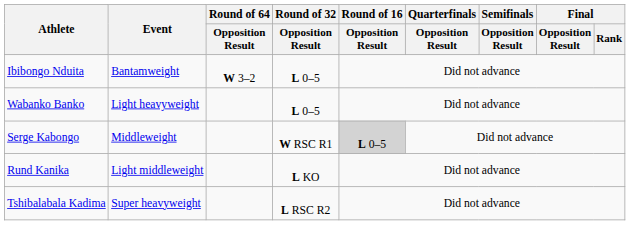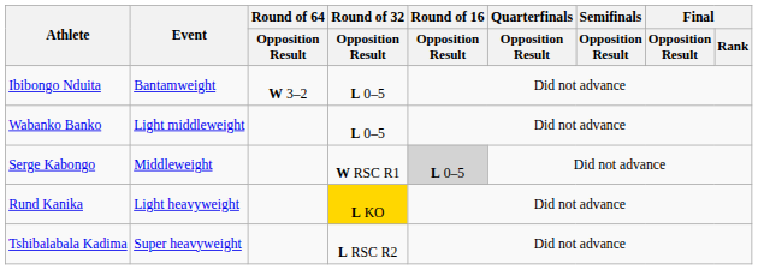 <table class="wikitable" style="font-size:90%">
 <tr>
 <th rowspan="2">Athlete</th>
 <th rowspan="2">Event</th>
 <th>Round of 64</th>
 <th>Round of 32</th>
 <th>Round of 16</th>
 <th>Quarterfinals</th>
 <th>Semifinals</th>
 <th colspan=2>Final</th>
 </tr>
 <tr style="font-size:95%">
 <th>Opposition<br>Result</th>
 <th>Opposition<br>Result</th>
 <th>Opposition<br>Result</th>
 <th>Opposition<br>Result</th>
 <th>Opposition<br>Result</th>
 <th>Opposition<br>Result</th>
 <th>Rank</th>
 </tr>
 <tr align=center>
 <td align=left><a href='#'>Ibibongo Nduita</a></td>
 <td align=left><a href='#'>Bantamweight</a></td>
 <td><br><strong>W</strong> 3–2</td>
 <td><br><strong>L</strong> 0–5</td>
 <td colspan=5>Did not advance</td>
 </tr>
 <tr align=center>
 <td align=left><a href='#'>Wabanko Banko</a></td>
-<td align=left><a href='#'>Light heavyweight</a></td>
+<td align=left><a href='#'>Light middleweight</a></td>
 <td></td>
 <td><br><strong>L</strong> 0–5</td>
 <td colspan=5>Did not advance</td>
 </tr>
 <tr align=center>
 <td align=left><a href='#'>Serge Kabongo</a></td>
 <td align=left><a href='#'>Middleweight</a></td>
 <td></td>
 <td><br><strong>W</strong> RSC R1</td>
 <td style="background: lightgrey;"><br><strong>L</strong> 0–5</td>
 <td colspan=4>Did not advance</td>
 </tr>
 <tr align=center>
 <td align=left><a href='#'>Rund Kanika</a></td>
-<td align=left><a href='#'>Light middleweight</a></td>
+<td align=left><a href='#'>Light heavyweight</a></td>
 <td></td>
-<td><br><strong>L</strong> KO</td>
+<td style="background: gold;"><br><strong>L</strong> KO</td>
 <td colspan=5>Did not advance</td>
 </tr>
 <tr align=center>
 <td align=left><a href='#'>Tshibalabala Kadima</a></td>
 <td align=left><a href='#'>Super heavyweight</a></td>
 <td></td>
 <td><br><strong>L</strong> RSC R2</td>
 <td colspan=5>Did not advance</td>
 </tr>
 </table>
